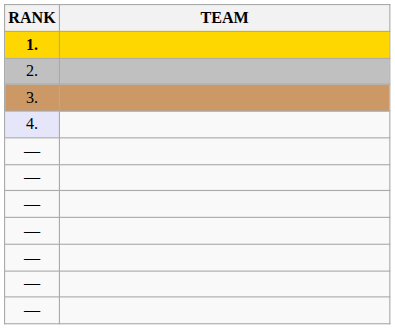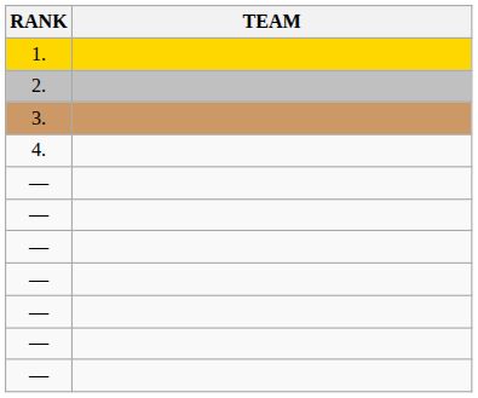 <table class="wikitable" style="border-collapse: collapse; font-size: 90%;">
 <tr>
 <th>RANK</th>
 <th align="left" style="width: 20em">TEAM</th>
 </tr>
 <tr bgcolor=gold>
-<td align="center"><strong>1.</strong></td>
+<td align="center">1.</td>
 <td></td>
 </tr>
 <tr bgcolor=silver>
 <td align="center">2.</td>
 <td></td>
 </tr>
 <tr bgcolor=#cc9966>
 <td align="center">3.</td>
 <td></td>
 </tr>
 <tr>
-<td align="center" style="background: lavender;">4.</td>
+<td align="center">4.</td>
 <td></td>
 </tr>
 <tr>
 <td align="center">—</td>
 <td></td>
 </tr>
 <tr>
 <td align="center">—</td>
 <td></td>
 </tr>
 <tr>
 <td align="center">—</td>
 <td></td>
 </tr>
 <tr>
 <td align="center">—</td>
 <td></td>
 </tr>
 <tr>
 <td align="center">—</td>
 <td></td>
 </tr>
 <tr>
 <td align="center">—</td>
 <td></td>
 </tr>
 <tr>
 <td align="center">—</td>
 <td></td>
 </tr>
 </table>
